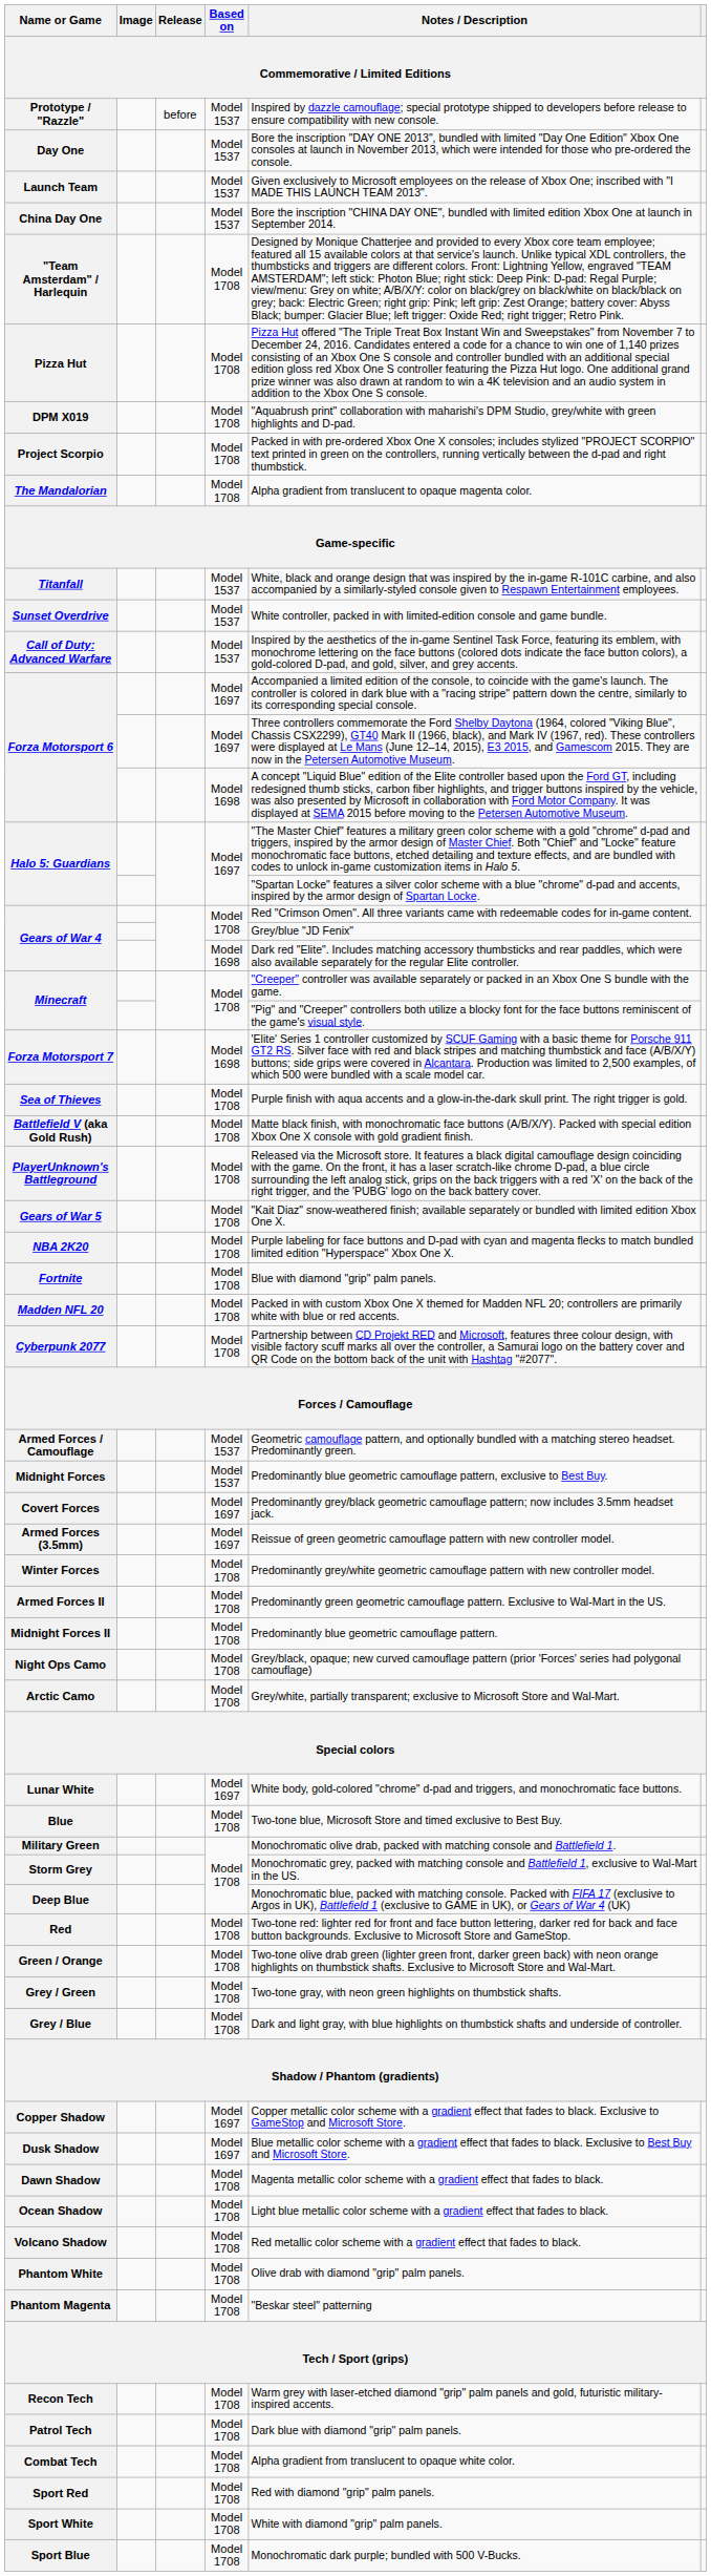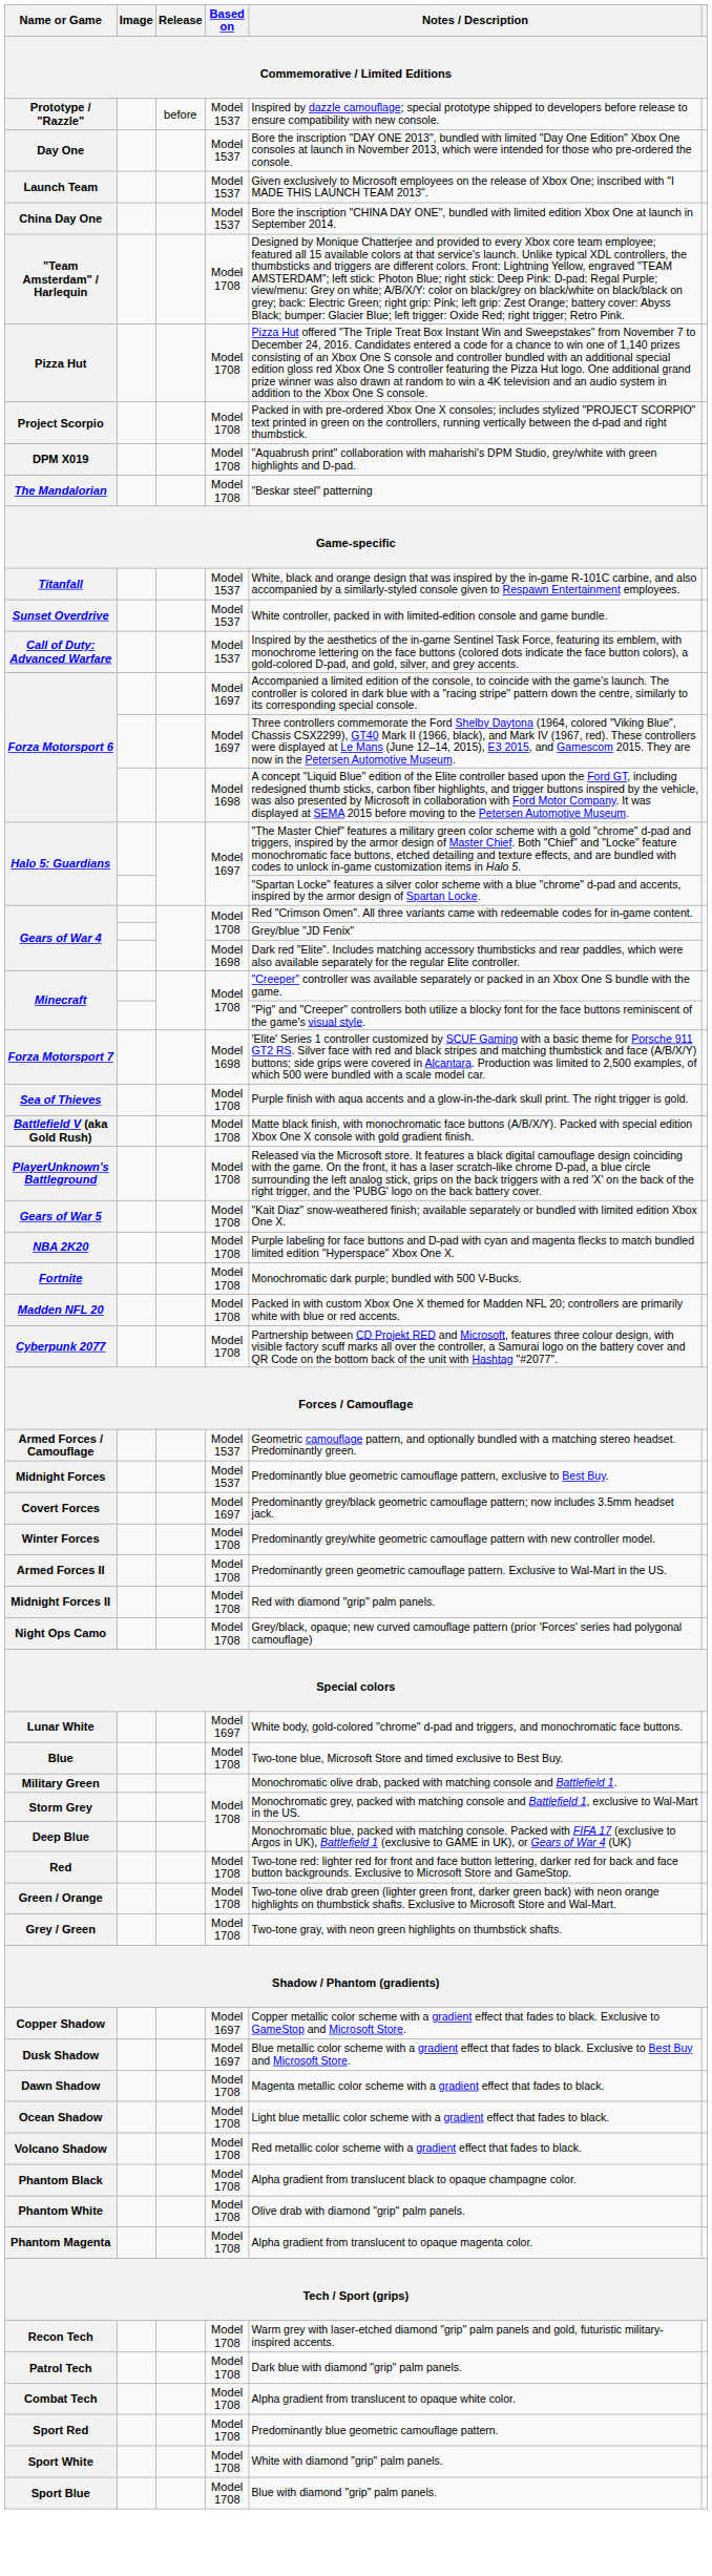 <table class="wikitable sortable" style="text-align:center;font-size:90%;">
 <tr>
 <th>Name or Game</th>
 <th class="unsortable">Image</th>
 <th>Release</th>
 <th><a href='#'>Based on</a></th>
 <th class="unsortable">Notes / Description</th>
 <th class="unsortable"></th>
 </tr>
 <tr>
 <th colspan=6 data-sort-value="zzz"><br><h4>Commemorative / Limited Editions</h4></th>
 </tr>
 <tr>
 <th>Prototype / "Razzle"</th>
 <td></td>
 <td>before </td>
 <td>Model 1537</td>
 <td style="text-align:left;font-size:95%;">Inspired by <a href='#'>dazzle camouflage</a>; special prototype shipped to developers before release to ensure compatibility with new console.</td>
 <td></td>
 </tr>
 <tr>
 <th>Day One</th>
 <td></td>
 <td></td>
 <td>Model 1537</td>
 <td style="text-align:left;font-size:95%;">Bore the inscription "DAY ONE 2013", bundled with limited "Day One Edition" Xbox One consoles at launch in November 2013, which were intended for those who pre-ordered the console.</td>
 <td></td>
 </tr>
 <tr>
 <th>Launch Team</th>
 <td></td>
 <td></td>
 <td>Model 1537</td>
 <td style="text-align:left;font-size:95%;">Given exclusively to Microsoft employees on the release of Xbox One; inscribed with "I MADE THIS LAUNCH TEAM 2013".</td>
 <td></td>
 </tr>
 <tr>
 <th>China Day One</th>
 <td></td>
 <td></td>
 <td>Model 1537</td>
 <td style="text-align:left;font-size:95%;">Bore the inscription "CHINA DAY ONE", bundled with limited edition Xbox One at launch in September 2014.</td>
 <td></td>
 </tr>
 <tr>
 <th>"Team Amsterdam" / Harlequin</th>
 <td></td>
 <td></td>
 <td>Model 1708</td>
 <td style="text-align:left;font-size:95%;">Designed by Monique Chatterjee and provided to every Xbox core team employee; featured all 15 available colors at that service's launch. Unlike typical XDL controllers, the thumbsticks and triggers are different colors. Front: Lightning Yellow, engraved "TEAM AMSTERDAM"; left stick: Photon Blue; right stick: Deep Pink: D-pad: Regal Purple; view/menu: Grey on white; A/B/X/Y: color on black/grey on black/white on black/black on grey; back: Electric Green; right grip: Pink; left grip: Zest Orange; battery cover: Abyss Black; bumper: Glacier Blue; left trigger: Oxide Red; right trigger; Retro Pink.</td>
 <td></td>
 </tr>
 <tr>
 <th>Pizza Hut</th>
 <td></td>
 <td></td>
 <td>Model 1708</td>
 <td style="text-align:left;font-size:95%;"><a href='#'>Pizza Hut</a> offered "The Triple Treat Box Instant Win and Sweepstakes" from November 7 to December 24, 2016. Candidates entered a code for a chance to win one of 1,140 prizes consisting of an Xbox One S console and controller bundled with an additional special edition gloss red Xbox One S controller featuring the Pizza Hut logo. One additional grand prize winner was also drawn at random to win a 4K television and an audio system in addition to the Xbox One S console.</td>
 <td></td>
 </tr>
 <tr>
+<th>Project Scorpio</th>
+<td></td>
+<td></td>
+<td>Model 1708</td>
+<td style="text-align:left;font-size:95%;">Packed in with pre-ordered Xbox One X consoles; includes stylized "PROJECT SCORPIO" text printed in green on the controllers, running vertically between the d-pad and right thumbstick.</td>
+<td></td>
+</tr>
+<tr>
 <th>DPM X019</th>
 <td></td>
 <td></td>
 <td>Model 1708</td>
 <td style="text-align:left;font-size:95%;">"Aquabrush print" collaboration with maharishi's DPM Studio, grey/white with green highlights and D-pad.</td>
 <td></td>
 </tr>
 <tr>
-<th>Project Scorpio</th>
-<td></td>
-<td></td>
-<td>Model 1708</td>
-<td style="text-align:left;font-size:95%;">Packed in with pre-ordered Xbox One X consoles; includes stylized "PROJECT SCORPIO" text printed in green on the controllers, running vertically between the d-pad and right thumbstick.</td>
-<td></td>
-</tr>
-<tr>
 <th data-sort-value="Mandalorian, The"><em><a href='#'>The Mandalorian</a></em></th>
 <td></td>
 <td></td>
 <td>Model 1708</td>
-<td style="text-align:left;font-size:95%;">Alpha gradient from translucent to opaque magenta color.</td>
+<td style="text-align:left;font-size:95%;">"Beskar steel" patterning</td>
 <td></td>
 </tr>
 <tr>
 <th colspan=6 data-sort-value="zzz"><br><h4>Game-specific</h4></th>
 </tr>
 <tr>
 <th><em><a href='#'>Titanfall</a></em></th>
 <td></td>
 <td></td>
 <td>Model 1537</td>
 <td style="text-align:left;font-size:95%;">White, black and orange design that was inspired by the in-game R-101C carbine, and also accompanied by a similarly-styled console given to <a href='#'>Respawn Entertainment</a> employees.</td>
 <td></td>
 </tr>
 <tr>
 <th><em><a href='#'>Sunset Overdrive</a></em></th>
 <td></td>
 <td></td>
 <td>Model 1537</td>
 <td style="text-align:left;font-size:95%;">White controller, packed in with limited-edition console and game bundle.</td>
 <td></td>
 </tr>
 <tr>
 <th><em><a href='#'>Call of Duty: Advanced Warfare</a></em></th>
 <td></td>
 <td></td>
 <td>Model 1537</td>
 <td style="text-align:left;font-size:95%;">Inspired by the aesthetics of the in-game Sentinel Task Force, featuring its emblem, with monochrome lettering on the face buttons (colored dots indicate the face button colors), a gold-colored D-pad, and gold, silver, and grey accents.</td>
 <td></td>
 </tr>
 <tr>
 <th rowspan=3><em><a href='#'>Forza Motorsport 6</a></em></th>
 <td></td>
 <td></td>
 <td>Model 1697</td>
 <td style="text-align:left;font-size:95%;">Accompanied a limited edition of the console, to coincide with the game's launch. The controller is colored in dark blue with a "racing stripe" pattern down the centre, similarly to its corresponding special console.</td>
 <td></td>
 </tr>
 <tr>
 <td></td>
 <td></td>
 <td>Model 1697</td>
 <td style="text-align:left;font-size:95%;">Three controllers commemorate the Ford <a href='#'>Shelby Daytona</a> (1964, colored "Viking Blue", Chassis CSX2299), <a href='#'>GT40</a> Mark II (1966, black), and Mark IV (1967, red). These controllers were displayed at <a href='#'>Le Mans</a> (June 12–14, 2015), <a href='#'>E3 2015</a>, and <a href='#'>Gamescom</a> 2015. They are now in the <a href='#'>Petersen Automotive Museum</a>.</td>
 <td></td>
 </tr>
 <tr>
 <td></td>
 <td></td>
 <td>Model 1698</td>
 <td style="text-align:left;font-size:95%;">A concept "Liquid Blue" edition of the Elite controller based upon the <a href='#'>Ford GT</a>, including redesigned thumb sticks, carbon fiber highlights, and trigger buttons inspired by the vehicle, was also presented by Microsoft in collaboration with <a href='#'>Ford Motor Company</a>. It was displayed at <a href='#'>SEMA</a> 2015 before moving to the <a href='#'>Petersen Automotive Museum</a>.</td>
 <td></td>
 </tr>
 <tr>
 <th rowspan=2><em><a href='#'>Halo 5: Guardians</a></em></th>
 <td></td>
 <td rowspan=2></td>
 <td rowspan=2>Model 1697</td>
 <td style="text-align:left;font-size:95%;">"The Master Chief" features a military green color scheme with a gold "chrome" d-pad and triggers, inspired by the armor design of <a href='#'>Master Chief</a>. Both "Chief" and "Locke" feature monochromatic face buttons, etched detailing and texture effects, and are bundled with codes to unlock in-game customization items in <em>Halo 5</em>.</td>
 <td rowspan=2></td>
 </tr>
 <tr>
 <td></td>
 <td style="text-align:left;font-size:95%;">"Spartan Locke" features a silver color scheme with a blue "chrome" d-pad and accents, inspired by the armor design of <a href='#'>Spartan Locke</a>.</td>
 </tr>
 <tr>
 <th rowspan=3><em><a href='#'>Gears of War 4</a></em></th>
 <td></td>
 <td rowspan=3></td>
 <td rowspan=2>Model 1708</td>
 <td style="text-align:left;font-size:95%;">Red "Crimson Omen". All three variants came with redeemable codes for in-game content.</td>
 <td rowspan=3></td>
 </tr>
 <tr>
 <td></td>
 <td style="text-align:left;font-size:95%;">Grey/blue "JD Fenix"</td>
 </tr>
 <tr>
 <td></td>
 <td>Model 1698</td>
 <td style="text-align:left;font-size:95%;">Dark red "Elite". Includes matching accessory thumbsticks and rear paddles, which were also available separately for the regular Elite controller.</td>
 </tr>
 <tr>
 <th rowspan=2><em><a href='#'>Minecraft</a></em></th>
 <td></td>
 <td rowspan=2></td>
 <td rowspan=2>Model 1708</td>
 <td style="text-align:left;font-size:95%;"><a href='#'>"Creeper"</a> controller was available separately or packed in an Xbox One S bundle with the game.</td>
 <td rowspan=2></td>
 </tr>
 <tr>
 <td></td>
 <td style="text-align:left;font-size:95%;">"Pig" and "Creeper" controllers both utilize a blocky font for the face buttons reminiscent of the game's <a href='#'>visual style</a>.</td>
 </tr>
 <tr>
 <th><em><a href='#'>Forza Motorsport 7</a></em></th>
 <td></td>
 <td></td>
 <td>Model 1698</td>
 <td style="text-align:left;font-size:95%;">'Elite' Series 1 controller customized by <a href='#'>SCUF Gaming</a> with a basic theme for <a href='#'>Porsche 911 GT2 RS</a>. Silver face with red and black stripes and matching thumbstick and face (A/B/X/Y) buttons; side grips were covered in <a href='#'>Alcantara</a>. Production was limited to 2,500 examples, of which 500 were bundled with a scale model car.</td>
 <td></td>
 </tr>
 <tr>
 <th><em><a href='#'>Sea of Thieves</a></em></th>
 <td></td>
 <td></td>
 <td>Model 1708</td>
 <td style="text-align:left;font-size:95%;">Purple finish with aqua accents and a glow-in-the-dark skull print. The right trigger is gold.</td>
 <td></td>
 </tr>
 <tr>
 <th><em><a href='#'>Battlefield V</a></em> (aka Gold Rush)</th>
 <td></td>
 <td></td>
 <td>Model 1708</td>
 <td style="text-align:left;font-size:95%;">Matte black finish, with monochromatic face buttons (A/B/X/Y). Packed with special edition Xbox One X console with gold gradient finish.</td>
 <td></td>
 </tr>
 <tr>
 <th><em><a href='#'>PlayerUnknown's Battleground</a></em></th>
 <td></td>
 <td></td>
 <td>Model 1708</td>
 <td style="text-align:left;font-size:95%;">Released via the Microsoft store. It features a black digital camouflage design coinciding with the game. On the front, it has a laser scratch-like chrome D-pad, a blue circle surrounding the left analog stick, grips on the back triggers with a red 'X' on the back of the right trigger, and the 'PUBG' logo on the back battery cover.</td>
 <td></td>
 </tr>
 <tr>
 <th><em><a href='#'>Gears of War 5</a></em></th>
 <td></td>
 <td></td>
 <td>Model 1708</td>
 <td style="text-align:left;font-size:95%;">"Kait Diaz" snow-weathered finish; available separately or bundled with limited edition Xbox One X.</td>
 <td></td>
 </tr>
 <tr>
 <th><em><a href='#'>NBA 2K20</a></em></th>
 <td></td>
 <td></td>
 <td>Model 1708</td>
 <td style="text-align:left;font-size:95%;">Purple labeling for face buttons and D-pad with cyan and magenta flecks to match bundled limited edition "Hyperspace" Xbox One X.</td>
 <td></td>
 </tr>
 <tr>
 <th><em><a href='#'>Fortnite</a></em></th>
 <td></td>
 <td></td>
 <td>Model 1708</td>
-<td style="text-align:left;font-size:95%;">Blue with diamond "grip" palm panels.</td>
+<td style="text-align:left;font-size:95%;">Monochromatic dark purple; bundled with 500 V-Bucks.</td>
 <td></td>
 </tr>
 <tr>
 <th><em><a href='#'>Madden NFL 20</a></em></th>
 <td></td>
 <td></td>
 <td>Model 1708</td>
 <td style="text-align:left;font-size:95%;">Packed in with custom Xbox One X themed for Madden NFL 20; controllers are primarily white with blue or red accents.</td>
 <td></td>
 </tr>
 <tr>
 <th><em><a href='#'>Cyberpunk 2077</a></em></th>
 <td></td>
 <td></td>
 <td>Model 1708</td>
 <td style="text-align:left;font-size:95%;">Partnership between <a href='#'>CD Projekt RED</a> and <a href='#'>Microsoft</a>, features three colour design, with visible factory scuff marks all over the controller, a Samurai logo on the battery cover and QR Code on the bottom back of the unit with <a href='#'>Hashtag</a> "#2077".</td>
 <td></td>
 </tr>
 <tr>
 <th colspan=6 data-sort-value="zzz"><br><h4>Forces / Camouflage</h4></th>
 </tr>
 <tr>
 <th>Armed Forces / Camouflage</th>
 <td></td>
 <td></td>
 <td>Model 1537</td>
 <td style="text-align:left;font-size:95%;">Geometric <a href='#'>camouflage</a> pattern, and optionally bundled with a matching stereo headset. Predominantly green.</td>
 <td></td>
 </tr>
 <tr>
 <th>Midnight Forces</th>
 <td></td>
 <td></td>
 <td>Model 1537</td>
 <td style="text-align:left;font-size:95%;">Predominantly blue geometric camouflage pattern, exclusive to <a href='#'>Best Buy</a>.</td>
 <td></td>
 </tr>
 <tr>
 <th>Covert Forces</th>
 <td></td>
 <td></td>
 <td>Model 1697</td>
 <td style="text-align:left;font-size:95%;">Predominantly grey/black geometric camouflage pattern; now includes 3.5mm headset jack.</td>
 <td></td>
 </tr>
 <tr>
-<th>Armed Forces (3.5mm)</th>
-<td></td>
-<td></td>
-<td>Model 1697</td>
-<td style="text-align:left;font-size:95%;">Reissue of green geometric camouflage pattern with new controller model.</td>
-<td></td>
-</tr>
-<tr>
 <th>Winter Forces</th>
 <td></td>
 <td></td>
 <td>Model 1708</td>
 <td style="text-align:left;font-size:95%;">Predominantly grey/white geometric camouflage pattern with new controller model.</td>
 <td></td>
 </tr>
 <tr>
 <th>Armed Forces II</th>
 <td></td>
 <td></td>
 <td>Model 1708</td>
 <td style="text-align:left;font-size:95%;">Predominantly green geometric camouflage pattern. Exclusive to Wal-Mart in the US.</td>
 <td></td>
 </tr>
 <tr>
 <th>Midnight Forces II</th>
 <td></td>
 <td></td>
 <td>Model 1708</td>
-<td style="text-align:left;font-size:95%;">Predominantly blue geometric camouflage pattern.</td>
+<td style="text-align:left;font-size:95%;">Red with diamond "grip" palm panels.</td>
 <td></td>
 </tr>
 <tr>
 <th>Night Ops Camo</th>
 <td></td>
 <td></td>
 <td>Model 1708</td>
 <td style="text-align:left;font-size:95%;">Grey/black, opaque; new curved camouflage pattern (prior 'Forces' series had polygonal camouflage)</td>
-<td></td>
-</tr>
-<tr>
-<th>Arctic Camo</th>
-<td></td>
-<td></td>
-<td>Model 1708</td>
-<td style="text-align:left;font-size:95%;">Grey/white, partially transparent; exclusive to Microsoft Store and Wal-Mart.</td>
 <td></td>
 </tr>
 <tr>
 <th colspan=6 data-sort-value="zzz"><br><h4>Special colors</h4></th>
 </tr>
 <tr>
 <th>Lunar White</th>
 <td></td>
 <td></td>
 <td>Model 1697</td>
 <td style="text-align:left;font-size:95%;">White body, gold-colored "chrome" d-pad and triggers, and monochromatic face buttons.</td>
 <td></td>
 </tr>
 <tr>
 <th>Blue</th>
 <td></td>
 <td></td>
 <td>Model 1708</td>
 <td style="text-align:left;font-size:95%;">Two-tone blue, Microsoft Store and timed exclusive to Best Buy.</td>
 <td></td>
 </tr>
 <tr>
 <th>Military Green</th>
 <td></td>
 <td></td>
 <td rowspan=3>Model 1708</td>
 <td style="text-align:left;font-size:95%;">Monochromatic olive drab, packed with matching console and <em><a href='#'>Battlefield 1</a></em>.</td>
 <td></td>
 </tr>
 <tr>
 <th>Storm Grey</th>
 <td></td>
 <td></td>
 <td style="text-align:left;font-size:95%;">Monochromatic grey, packed with matching console and <em><a href='#'>Battlefield 1</a></em>, exclusive to Wal-Mart in the US.</td>
 <td></td>
 </tr>
 <tr>
 <th>Deep Blue</th>
 <td></td>
 <td></td>
 <td style="text-align:left;font-size:95%;">Monochromatic blue, packed with matching console. Packed with <em><a href='#'>FIFA 17</a></em> (exclusive to Argos in UK), <em><a href='#'>Battlefield 1</a></em> (exclusive to GAME in UK), or <em><a href='#'>Gears of War 4</a></em> (UK)</td>
 <td></td>
 </tr>
 <tr>
 <th>Red</th>
 <td></td>
 <td></td>
 <td>Model 1708</td>
 <td style="text-align:left;font-size:95%;">Two-tone red: lighter red for front and face button lettering, darker red for back and face button backgrounds. Exclusive to Microsoft Store and GameStop.</td>
 <td></td>
 </tr>
 <tr>
 <th>Green / Orange</th>
 <td></td>
 <td></td>
 <td>Model 1708</td>
 <td style="text-align:left;font-size:95%;">Two-tone olive drab green (lighter green front, darker green back) with neon orange highlights on thumbstick shafts. Exclusive to Microsoft Store and Wal-Mart.</td>
 <td></td>
 </tr>
 <tr>
 <th>Grey / Green</th>
 <td></td>
 <td></td>
 <td>Model 1708</td>
 <td style="text-align:left;font-size:95%;">Two-tone gray, with neon green highlights on thumbstick shafts.</td>
 <td></td>
 </tr>
 <tr>
-<th>Grey / Blue</th>
-<td></td>
-<td></td>
-<td>Model 1708</td>
-<td style="text-align:left;font-size:95%;">Dark and light gray, with blue highlights on thumbstick shafts and underside of controller.</td>
-<td></td>
-</tr>
-<tr>
 <th colspan=6 data-sort-value="zzz"><br><h4>Shadow / Phantom (gradients)</h4></th>
 </tr>
 <tr>
 <th>Copper Shadow</th>
 <td></td>
 <td></td>
 <td>Model 1697</td>
 <td style="text-align:left;font-size:95%;">Copper metallic color scheme with a <a href='#'>gradient</a> effect that fades to black. Exclusive to <a href='#'>GameStop</a> and <a href='#'>Microsoft Store</a>.</td>
 <td rowspan=2></td>
 </tr>
 <tr>
 <th>Dusk Shadow</th>
 <td></td>
 <td></td>
 <td>Model 1697</td>
 <td style="text-align:left;font-size:95%;">Blue metallic color scheme with a <a href='#'>gradient</a> effect that fades to black. Exclusive to <a href='#'>Best Buy</a> and <a href='#'>Microsoft Store</a>.</td>
 </tr>
 <tr>
 <th>Dawn Shadow</th>
 <td></td>
 <td></td>
 <td>Model 1708</td>
 <td style="text-align:left;font-size:95%;">Magenta metallic color scheme with a <a href='#'>gradient</a> effect that fades to black.</td>
 <td></td>
 </tr>
 <tr>
 <th>Ocean Shadow</th>
 <td></td>
 <td></td>
 <td>Model 1708</td>
 <td style="text-align:left;font-size:95%;">Light blue metallic color scheme with a <a href='#'>gradient</a> effect that fades to black.</td>
 <td></td>
 </tr>
 <tr>
 <th>Volcano Shadow</th>
 <td></td>
 <td></td>
 <td>Model 1708</td>
 <td style="text-align:left;font-size:95%;">Red metallic color scheme with a <a href='#'>gradient</a> effect that fades to black.</td>
 <td></td>
 </tr>
 <tr>
+<th>Phantom Black</th>
+<td></td>
+<td></td>
+<td>Model 1708</td>
+<td style="text-align:left;font-size:95%;">Alpha gradient from translucent black to opaque champagne color.</td>
+<td></td>
+</tr>
+<tr>
 <th>Phantom White</th>
 <td></td>
 <td></td>
 <td>Model 1708</td>
 <td style="text-align:left;font-size:95%;">Olive drab with diamond "grip" palm panels.</td>
 <td></td>
 </tr>
 <tr>
 <th>Phantom Magenta</th>
 <td></td>
 <td></td>
 <td>Model 1708</td>
-<td style="text-align:left;font-size:95%;">"Beskar steel" patterning</td>
+<td style="text-align:left;font-size:95%;">Alpha gradient from translucent to opaque magenta color.</td>
 <td></td>
 </tr>
 <tr>
 <th colspan=6 data-sort-value="zzz"><br><h4>Tech / Sport (grips)</h4></th>
 </tr>
 <tr>
 <th>Recon Tech</th>
 <td></td>
 <td></td>
 <td>Model 1708</td>
 <td style="text-align:left;font-size:95%;">Warm grey with laser-etched diamond "grip" palm panels and gold, futuristic military-inspired accents.</td>
 <td></td>
 </tr>
 <tr>
 <th>Patrol Tech</th>
 <td></td>
 <td></td>
 <td>Model 1708</td>
 <td style="text-align:left;font-size:95%;">Dark blue with diamond "grip" palm panels.</td>
 <td></td>
 </tr>
 <tr>
 <th>Combat Tech</th>
 <td></td>
 <td></td>
 <td>Model 1708</td>
 <td style="text-align:left;font-size:95%;">Alpha gradient from translucent to opaque white color.</td>
 <td></td>
 </tr>
 <tr>
 <th>Sport Red</th>
 <td></td>
 <td></td>
 <td>Model 1708</td>
-<td style="text-align:left;font-size:95%;">Red with diamond "grip" palm panels.</td>
+<td style="text-align:left;font-size:95%;">Predominantly blue geometric camouflage pattern.</td>
 <td></td>
 </tr>
 <tr>
 <th>Sport White</th>
 <td></td>
 <td></td>
 <td>Model 1708</td>
 <td style="text-align:left;font-size:95%;">White with diamond "grip" palm panels.</td>
 <td></td>
 </tr>
 <tr>
 <th>Sport Blue</th>
 <td></td>
 <td></td>
 <td>Model 1708</td>
-<td style="text-align:left;font-size:95%;">Monochromatic dark purple; bundled with 500 V-Bucks.</td>
+<td style="text-align:left;font-size:95%;">Blue with diamond "grip" palm panels.</td>
 <td></td>
 </tr>
 </table>
